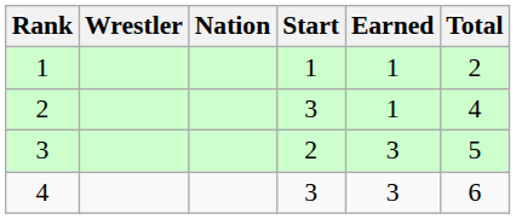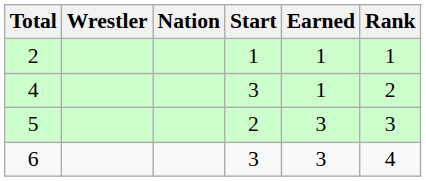 <table class="wikitable sortable" style="text-align:center;">
 <tr>
-<th>Rank</th>
+<th>Total</th>
 <th>Wrestler</th>
 <th>Nation</th>
 <th>Start</th>
 <th>Earned</th>
-<th>Total</th>
-</tr>
-<tr style="background:#cfc;">
-<td>1</td>
-<td align=left></td>
-<td align=left></td>
-<td>1</td>
-<td>1</td>
-<td>2</td>
+<th>Rank</th>
 </tr>
 <tr style="background:#cfc;">
 <td>2</td>
 <td align=left></td>
 <td align=left></td>
+<td>1</td>
+<td>1</td>
+<td>1</td>
+</tr>
+<tr style="background:#cfc;">
+<td>4</td>
+<td align=left></td>
+<td align=left></td>
 <td>3</td>
 <td>1</td>
-<td>4</td>
+<td>2</td>
 </tr>
 <tr style="background:#cfc;">
-<td>3</td>
+<td>5</td>
 <td align=left></td>
 <td align=left></td>
 <td>2</td>
 <td>3</td>
-<td>5</td>
+<td>3</td>
 </tr>
 <tr>
-<td>4</td>
+<td>6</td>
 <td align=left></td>
 <td align=left></td>
 <td>3</td>
 <td>3</td>
-<td>6</td>
+<td>4</td>
 </tr>
 </table>
